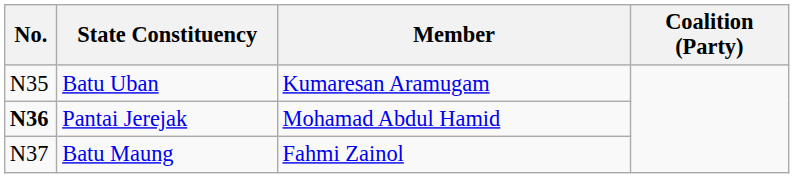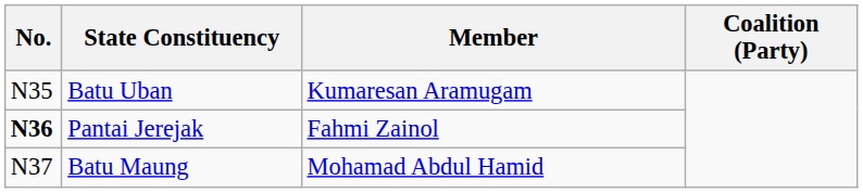 <table class="wikitable">
 <tr>
 <th width="30">No.</th>
 <th width="150">State Constituency</th>
 <th width="245">Member</th>
 <th width="105">Coalition (Party)</th>
 </tr>
 <tr>
 <td>N35</td>
 <td><a href='#'>Batu Uban</a></td>
 <td><a href='#'>Kumaresan Aramugam</a></td>
 <td rowspan=3></td>
 </tr>
 <tr>
 <td><strong>N36</strong></td>
 <td><a href='#'>Pantai Jerejak</a></td>
-<td><a href='#'>Mohamad Abdul Hamid</a></td>
+<td><a href='#'>Fahmi Zainol</a></td>
 </tr>
 <tr>
 <td>N37</td>
 <td><a href='#'>Batu Maung</a></td>
-<td><a href='#'>Fahmi Zainol</a></td>
+<td><a href='#'>Mohamad Abdul Hamid</a></td>
 </tr>
 </table>
